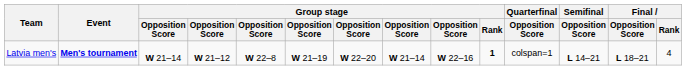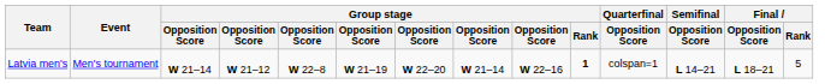 <table class=wikitable style=font-size:90%;text-align:center>
 <tr>
 <th rowspan=2>Team</th>
 <th rowspan=2>Event</th>
 <th colspan=8>Group stage</th>
 <th>Quarterfinal</th>
 <th>Semifinal</th>
 <th colspan=2>Final / </th>
 </tr>
 <tr style=font-size:95%>
 <th>Opposition<br>Score</th>
 <th>Opposition<br>Score</th>
 <th>Opposition<br>Score</th>
 <th>Opposition<br>Score</th>
 <th>Opposition<br>Score</th>
 <th>Opposition<br>Score</th>
 <th>Opposition<br>Score</th>
 <th>Rank</th>
 <th>Opposition<br>Score</th>
 <th>Opposition<br>Score</th>
 <th>Opposition<br>Score</th>
 <th>Rank</th>
 </tr>
 <tr>
 <td align=left><a href='#'>Latvia men's</a></td>
-<td align=left><strong><a href='#'>Men's tournament</a></strong></td>
+<td align=left><a href='#'>Men's tournament</a></td>
 <td><br><strong>W</strong> 21–14</td>
 <td><br><strong>W</strong> 21–12</td>
 <td><br><strong>W</strong> 22–8</td>
 <td><br><strong>W</strong> 21–19</td>
 <td><br><strong>W</strong> 22–20</td>
 <td><br><strong>W</strong> 21–14</td>
 <td><br><strong>W</strong> 22–16</td>
 <td><strong>1</strong></td>
 <td>colspan=1 </td>
 <td><br><strong>L</strong> 14–21</td>
 <td><br><strong>L</strong> 18–21</td>
-<td>4</td>
+<td>5</td>
 </tr>
 </table>
